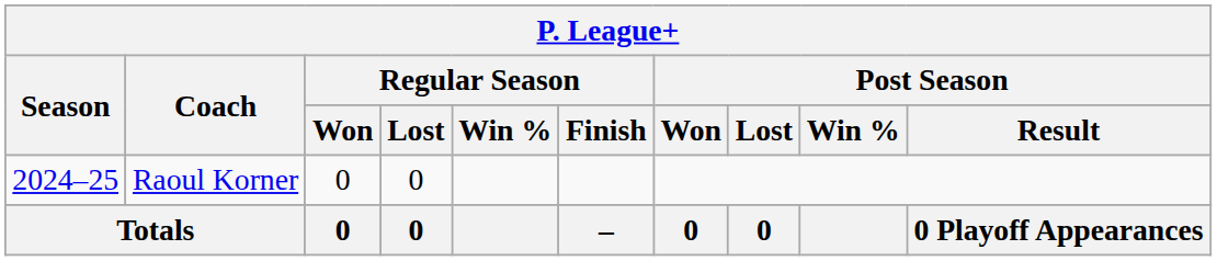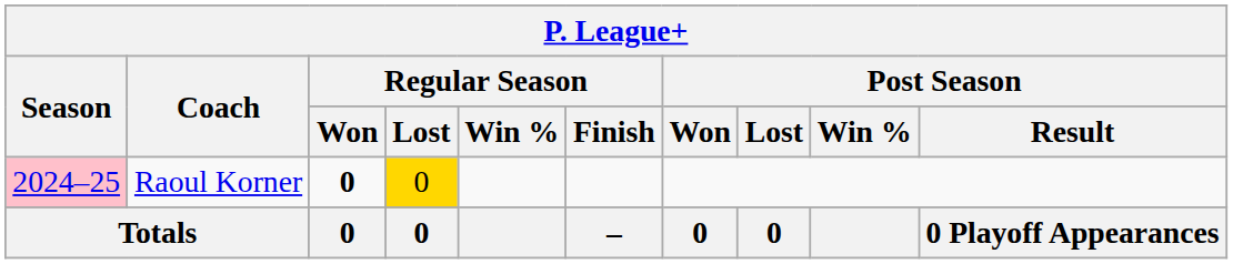 <table class="wikitable" style="font-size: 95%; text-align:center;">
 <tr>
 <th colspan="10"><a href='#'>P. League+</a></th>
 </tr>
 <tr>
 <th rowspan="2">Season</th>
 <th rowspan="2">Coach</th>
 <th colspan="4">Regular Season</th>
 <th colspan="4">Post Season</th>
 </tr>
 <tr>
 <th>Won</th>
 <th>Lost</th>
 <th>Win %</th>
 <th>Finish</th>
 <th>Won</th>
 <th>Lost</th>
 <th>Win %</th>
 <th>Result</th>
 </tr>
 <tr>
-<td><a href='#'>2024–25</a></td>
+<td style="background: pink;"><a href='#'>2024–25</a></td>
 <td><a href='#'>Raoul Korner</a></td>
-<td>0</td>
-<td>0</td>
+<td><strong>0</strong></td>
+<td style="background: gold;">0</td>
 <td></td>
 <td></td>
 <td colspan="4"></td>
 </tr>
 <tr>
 <th colspan="2">Totals</th>
 <th>0</th>
 <th>0</th>
 <th></th>
 <th>–</th>
 <th>0</th>
 <th>0</th>
 <th></th>
 <th>0 Playoff Appearances</th>
 </tr>
 </table>
